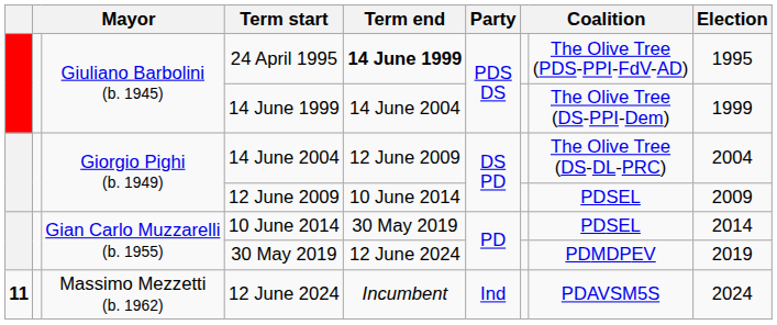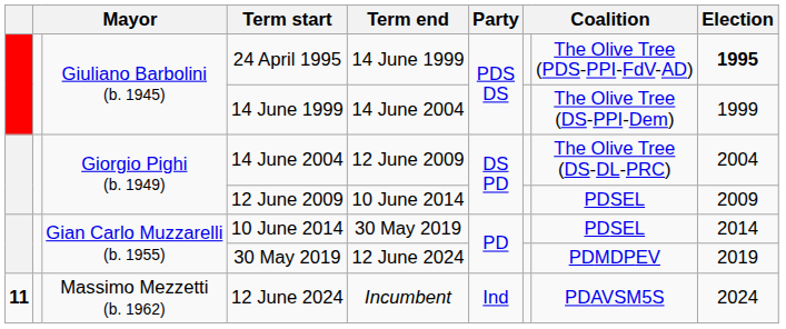 <table class="wikitable" style="text-align: center;">
 <tr>
 <th class=unsortable> </th>
 <th colspan=2>Mayor</th>
 <th>Term start</th>
 <th>Term end</th>
 <th>Party</th>
 <th colspan="2">Coalition</th>
 <th>Election</th>
 </tr>
 <tr>
 <th rowspan=2 style="background:red;"></th>
 <td rowspan=2></td>
 <td rowspan=2><a href='#'>Giuliano Barbolini</a> <br><small>(b. 1945)</small></td>
 <td>24 April 1995</td>
-<td><strong>14 June 1999</strong></td>
+<td>14 June 1999</td>
 <td rowspan=2><a href='#'>PDS</a><br><a href='#'>DS</a></td>
 <td style="background: "></td>
 <td><a href='#'>The Olive Tree</a><br>(<a href='#'>PDS</a>-<a href='#'>PPI</a>-<a href='#'>FdV</a>-<a href='#'>AD</a>)</td>
-<td>1995</td>
+<td><strong>1995</strong></td>
 </tr>
 <tr>
 <td>14 June 1999</td>
 <td>14 June 2004</td>
 <td style="background: "></td>
 <td><a href='#'>The Olive Tree</a><br>(<a href='#'>DS</a>-<a href='#'>PPI</a>-<a href='#'>Dem</a>)</td>
 <td>1999</td>
 </tr>
 <tr>
 <th rowspan=2 style="background:"></th>
 <td rowspan=2></td>
 <td rowspan=2><a href='#'>Giorgio Pighi</a> <br><small>(b. 1949)</small></td>
 <td>14 June 2004</td>
 <td>12 June 2009</td>
 <td rowspan=2><a href='#'>DS</a><br><a href='#'>PD</a></td>
 <td style="background: "></td>
 <td><a href='#'>The Olive Tree</a><br>(<a href='#'>DS</a>-<a href='#'>DL</a>-<a href='#'>PRC</a>)</td>
 <td>2004</td>
 </tr>
 <tr>
 <td>12 June 2009</td>
 <td>10 June 2014</td>
 <td style="background: "></td>
 <td><a href='#'>PD</a><a href='#'>SEL</a></td>
 <td>2009</td>
 </tr>
 <tr>
 <th rowspan=2 style="background:"></th>
 <td rowspan=2></td>
 <td rowspan=2><a href='#'>Gian Carlo Muzzarelli</a> <br><small>(b. 1955)</small></td>
 <td>10 June 2014</td>
 <td>30 May 2019</td>
 <td rowspan=2><a href='#'>PD</a></td>
 <td style="background: "></td>
 <td><a href='#'>PD</a><a href='#'>SEL</a></td>
 <td>2014</td>
 </tr>
 <tr>
 <td>30 May 2019</td>
 <td>12 June 2024</td>
 <td style="background: "></td>
 <td><a href='#'>PD</a><a href='#'>MDP</a><a href='#'>EV</a></td>
 <td>2019</td>
 </tr>
 <tr>
 <td style="background:"><strong>11</strong></td>
 <td></td>
 <td>Massimo Mezzetti <br><small>(b. 1962)</small></td>
 <td>12 June 2024</td>
 <td><em>Incumbent</em></td>
 <td><a href='#'>Ind</a></td>
 <td style="background: "></td>
 <td><a href='#'>PD</a><a href='#'>AVS</a><a href='#'>M5S</a></td>
 <td>2024</td>
 </tr>
 </table>
